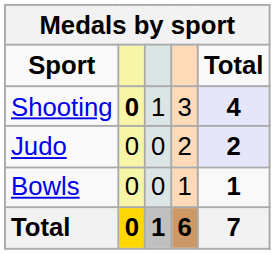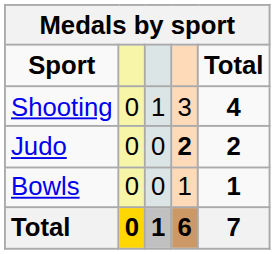 <table class="wikitable" style="font-size:85%;float:middle;text-align:center">
 <tr style="background:#efefef;">
 <th colspan=7>Medals by sport</th>
 </tr>
 <tr>
 <td><strong>Sport</strong></td>
 <td bgcolor=#f7f6a8></td>
 <td bgcolor=#dce5e5></td>
 <td bgcolor=#ffdab9></td>
 <td><strong>Total</strong></td>
 </tr>
 <tr>
 <td style="text-align:left;"><a href='#'>Shooting</a></td>
-<td style="background:#F7F6A8;"><strong>0</strong></td>
+<td style="background:#F7F6A8;">0</td>
 <td style="background:#DCE5E5;">1</td>
 <td style="background:#FFDAB9;">3</td>
-<td style="background: lavender;"><strong>4</strong></td>
+<td><strong>4</strong></td>
 </tr>
 <tr>
 <td style="text-align:left;"><a href='#'>Judo</a></td>
 <td style="background:#F7F6A8;">0</td>
 <td style="background:#DCE5E5;">0</td>
-<td style="background:#FFDAB9;">2</td>
-<td style="background: lavender;"><strong>2</strong></td>
+<td style="background:#FFDAB9;"><strong>2</strong></td>
+<td><strong>2</strong></td>
 </tr>
 <tr>
 <td style="text-align:left;"><a href='#'>Bowls</a></td>
 <td style="background:#F7F6A8;">0</td>
 <td style="background:#DCE5E5;">0</td>
 <td style="background:#FFDAB9;">1</td>
 <td><strong>1</strong></td>
 </tr>
 <tr>
 <th style="text-align:left;">Total</th>
 <th style="background:gold;">0</th>
 <th style="background:silver;">1</th>
 <th style="background:#c96;">6</th>
 <th>7</th>
 </tr>
 </table>
